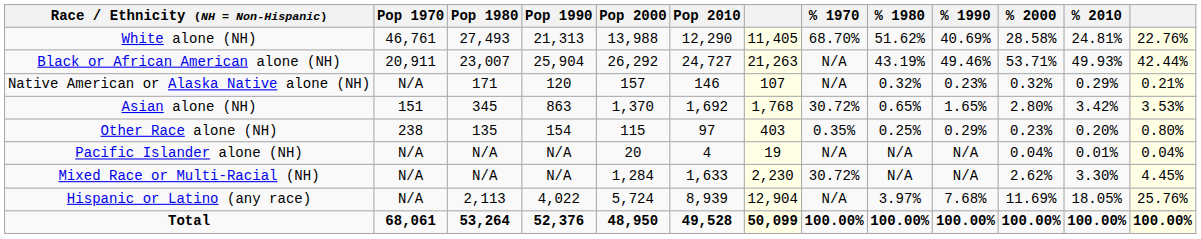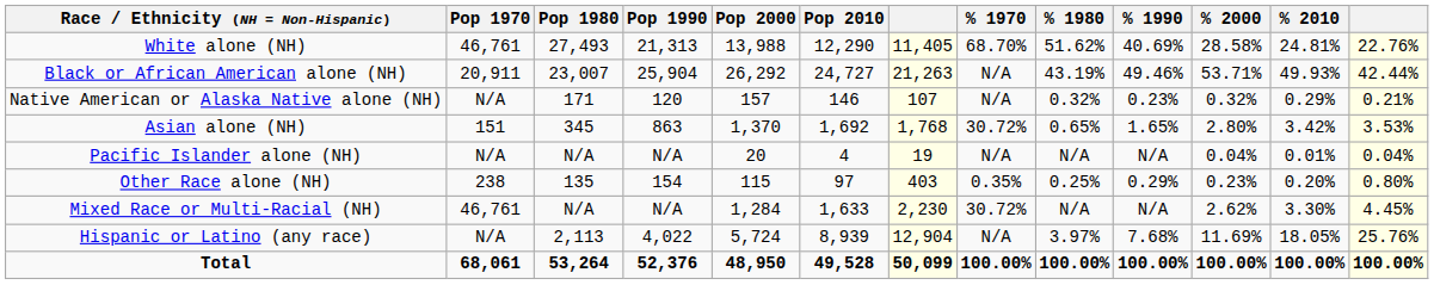 <table class="wikitable" style="text-align:center;">
 <tr>
 <th>Race / Ethnicity <small>(<em>NH = Non-Hispanic</em>)</small></th>
 <th>Pop 1970</th>
 <th>Pop 1980</th>
 <th>Pop 1990</th>
 <th>Pop 2000</th>
 <th>Pop 2010</th>
 <th></th>
 <th>% 1970</th>
 <th>% 1980</th>
 <th>% 1990</th>
 <th>% 2000</th>
 <th>% 2010</th>
 <th></th>
 </tr>
 <tr>
 <td><a href='#'>White</a> alone (NH)</td>
 <td>46,761</td>
 <td>27,493</td>
 <td>21,313</td>
 <td>13,988</td>
 <td>12,290</td>
 <td style='background: #ffffe6;'>11,405</td>
 <td>68.70%</td>
 <td>51.62%</td>
 <td>40.69%</td>
 <td>28.58%</td>
 <td>24.81%</td>
 <td style='background: #ffffe6;'>22.76%</td>
 </tr>
 <tr>
 <td><a href='#'>Black or African American</a> alone (NH)</td>
 <td>20,911</td>
 <td>23,007</td>
 <td>25,904</td>
 <td>26,292</td>
 <td>24,727</td>
 <td style='background: #ffffe6;'>21,263</td>
 <td>N/A</td>
 <td>43.19%</td>
 <td>49.46%</td>
 <td>53.71%</td>
 <td>49.93%</td>
 <td style='background: #ffffe6;'>42.44%</td>
 </tr>
 <tr>
 <td>Native American or <a href='#'>Alaska Native</a> alone (NH)</td>
 <td>N/A</td>
 <td>171</td>
 <td>120</td>
 <td>157</td>
 <td>146</td>
 <td style='background: #ffffe6;'>107</td>
 <td>N/A</td>
 <td>0.32%</td>
 <td>0.23%</td>
 <td>0.32%</td>
 <td>0.29%</td>
 <td style='background: #ffffe6;'>0.21%</td>
 </tr>
 <tr>
 <td><a href='#'>Asian</a> alone (NH)</td>
 <td>151</td>
 <td>345</td>
 <td>863</td>
 <td>1,370</td>
 <td>1,692</td>
 <td style='background: #ffffe6;'>1,768</td>
 <td>30.72%</td>
 <td>0.65%</td>
 <td>1.65%</td>
 <td>2.80%</td>
 <td>3.42%</td>
 <td style='background: #ffffe6;'>3.53%</td>
 </tr>
 <tr>
+<td><a href='#'>Pacific Islander</a> alone (NH)</td>
+<td>N/A</td>
+<td>N/A</td>
+<td>N/A</td>
+<td>20</td>
+<td>4</td>
+<td style='background: #ffffe6;'>19</td>
+<td>N/A</td>
+<td>N/A</td>
+<td>N/A</td>
+<td>0.04%</td>
+<td>0.01%</td>
+<td style='background: #ffffe6;'>0.04%</td>
+</tr>
+<tr>
 <td><a href='#'>Other Race</a> alone (NH)</td>
 <td>238</td>
 <td>135</td>
 <td>154</td>
 <td>115</td>
 <td>97</td>
 <td style='background: #ffffe6;'>403</td>
 <td>0.35%</td>
 <td>0.25%</td>
 <td>0.29%</td>
 <td>0.23%</td>
 <td>0.20%</td>
 <td style='background: #ffffe6;'>0.80%</td>
 </tr>
 <tr>
-<td><a href='#'>Pacific Islander</a> alone (NH)</td>
-<td>N/A</td>
-<td>N/A</td>
-<td>N/A</td>
-<td>20</td>
-<td>4</td>
-<td style='background: #ffffe6;'>19</td>
-<td>N/A</td>
-<td>N/A</td>
-<td>N/A</td>
-<td>0.04%</td>
-<td>0.01%</td>
-<td style='background: #ffffe6;'>0.04%</td>
-</tr>
-<tr>
 <td><a href='#'>Mixed Race or Multi-Racial</a> (NH)</td>
-<td>N/A</td>
+<td>46,761</td>
 <td>N/A</td>
 <td>N/A</td>
 <td>1,284</td>
 <td>1,633</td>
 <td style='background: #ffffe6;'>2,230</td>
 <td>30.72%</td>
 <td>N/A</td>
 <td>N/A</td>
 <td>2.62%</td>
 <td>3.30%</td>
 <td style='background: #ffffe6;'>4.45%</td>
 </tr>
 <tr>
 <td><a href='#'>Hispanic or Latino</a> (any race)</td>
 <td>N/A</td>
 <td>2,113</td>
 <td>4,022</td>
 <td>5,724</td>
 <td>8,939</td>
 <td style='background: #ffffe6;'>12,904</td>
 <td>N/A</td>
 <td>3.97%</td>
 <td>7.68%</td>
 <td>11.69%</td>
 <td>18.05%</td>
 <td style='background: #ffffe6;'>25.76%</td>
 </tr>
 <tr>
 <td><strong>Total</strong></td>
 <td><strong>68,061</strong></td>
 <td><strong>53,264</strong></td>
 <td><strong>52,376</strong></td>
 <td><strong>48,950</strong></td>
 <td><strong>49,528</strong></td>
 <td style='background: #ffffe6;'><strong>50,099</strong></td>
 <td><strong>100.00%</strong></td>
 <td><strong>100.00%</strong></td>
 <td><strong>100.00%</strong></td>
 <td><strong>100.00%</strong></td>
 <td><strong>100.00%</strong></td>
 <td style='background: #ffffe6;'><strong>100.00%</strong></td>
 </tr>
 </table>
